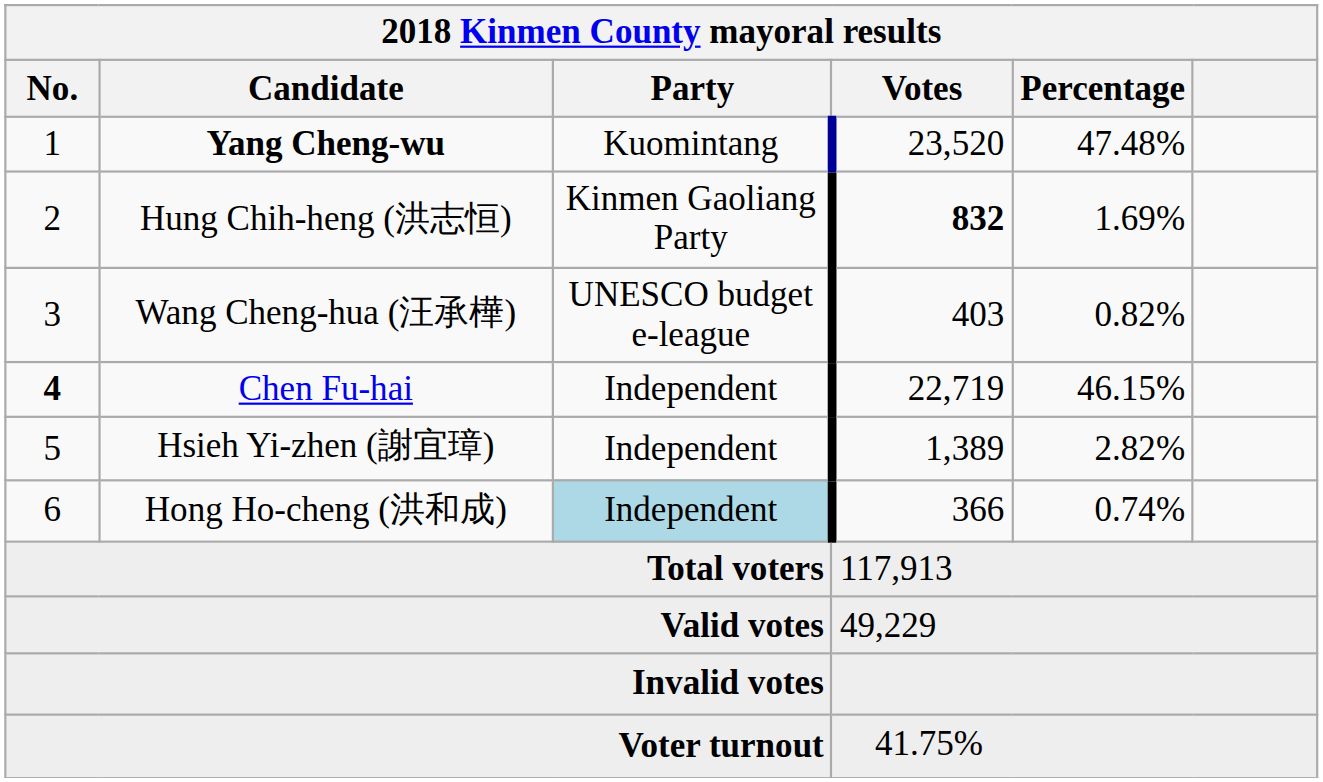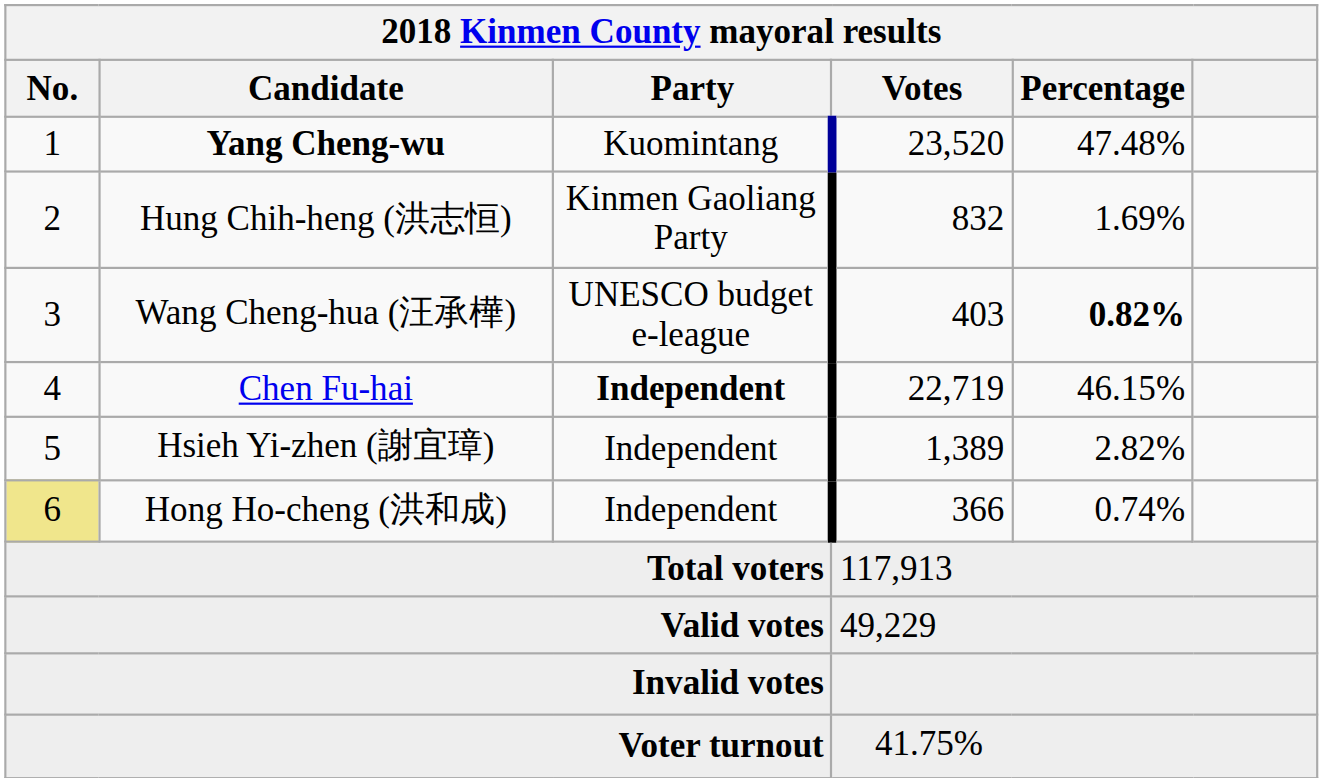 <table class="wikitable collapsible" style="text-align:center; margin-left: auto; margin-right: auto; border: none;">
 <tr>
 <th colspan="6">2018 <a href='#'>Kinmen County</a> mayoral results</th>
 </tr>
 <tr>
 <th width=35>No.</th>
 <th width=200>Candidate</th>
 <th width=120>Party</th>
 <th width=75>Votes</th>
 <th width=75>Percentage</th>
 <th width=49></th>
 </tr>
 <tr>
 <td>1</td>
 <td><strong>Yang Cheng-wu</strong></td>
 <td> Kuomintang</td>
 <td style="border-left:4px solid #000099;" align="right">23,520</td>
 <td align="right">47.48%</td>
 <td align="center"></td>
 </tr>
 <tr>
 <td>2</td>
 <td>Hung Chih-heng (洪志恒)</td>
 <td>Kinmen Gaoliang Party</td>
-<td style="border-left:4px solid #000000;" align="right"><strong>832</strong></td>
+<td style="border-left:4px solid #000000;" align="right">832</td>
 <td align="right">1.69%</td>
 <td align="center"></td>
 </tr>
 <tr>
 <td>3</td>
 <td>Wang Cheng-hua (汪承樺)</td>
 <td>UNESCO budget e-league</td>
 <td style="border-left:4px solid #000000;" align="right">403</td>
-<td align="right">0.82%</td>
+<td align="right"><strong>0.82%</strong></td>
 <td align="center"></td>
 </tr>
 <tr>
-<td><strong>4</strong></td>
+<td>4</td>
 <td><a href='#'>Chen Fu-hai</a></td>
-<td> Independent</td>
+<td><strong> Independent</strong></td>
 <td style="border-left:4px solid #000000;" align="right">22,719</td>
 <td align="right">46.15%</td>
 <td align="center"></td>
 </tr>
 <tr>
 <td>5</td>
 <td>Hsieh Yi-zhen (謝宜璋)</td>
 <td> Independent</td>
 <td style="border-left:4px solid #000000;" align="right">1,389</td>
 <td align="right">2.82%</td>
 <td align="center"></td>
 </tr>
 <tr>
-<td>6</td>
+<td style="background: khaki;">6</td>
 <td>Hong Ho-cheng (洪和成)</td>
-<td style="background: lightblue;"> Independent</td>
+<td> Independent</td>
 <td style="border-left:4px solid #000000;" align="right">366</td>
 <td align="right">0.74%</td>
 <td align="center"></td>
 </tr>
 <tr bgcolor=EEEEEE>
 <td colspan="3" align="right"><strong>Total voters</strong></td>
 <td colspan="3" align="left">117,913</td>
 </tr>
 <tr bgcolor=EEEEEE>
 <td colspan="3" align="right"><strong>Valid votes</strong></td>
 <td colspan="3" align="left">49,229</td>
 </tr>
 <tr bgcolor=EEEEEE>
 <td colspan="3" align="right"><strong>Invalid votes</strong></td>
 <td colspan="3" align="left">　</td>
 </tr>
 <tr bgcolor=EEEEEE>
 <td colspan="3" align="right"><strong>Voter turnout</strong></td>
 <td colspan="3" align="left">　41.75%</td>
 </tr>
 </table>
